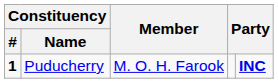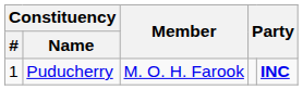 <table class="wikitable">
 <tr>
 <th colspan="2">Constituency</th>
 <th rowspan="2">Member</th>
 <th colspan="2" rowspan="2">Party</th>
 </tr>
 <tr>
 <th>#</th>
 <th>Name</th>
 </tr>
 <tr>
-<td><strong>1</strong></td>
+<td>1</td>
 <td><a href='#'>Puducherry</a></td>
 <td><a href='#'>M. O. H. Farook</a></td>
 <td style="background-color: "></td>
 <td><strong><a href='#'>INC</a></strong></td>
 </tr>
 </table>
